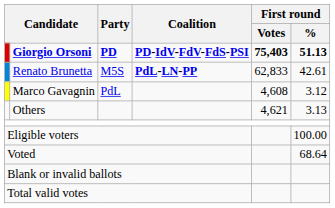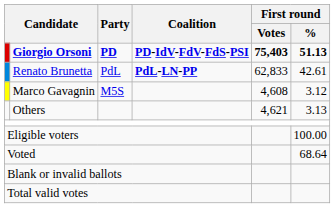 <table class="wikitable centre">
 <tr>
 <th scope="col" rowspan=2 colspan=2>Candidate</th>
 <th scope="col" rowspan=2 colspan=1>Party</th>
 <th scope="col" rowspan=2 colspan=1>Coalition</th>
 <th scope="col" colspan=2>First round</th>
 </tr>
 <tr>
 <th scope="col">Votes</th>
 <th scope="col">%</th>
 </tr>
 <tr>
 <td bgcolor="#dd0000"></td>
 <td><strong><a href='#'>Giorgio Orsoni</a></strong></td>
 <td><strong><a href='#'>PD</a></strong></td>
 <td><strong><a href='#'>PD</a>-<a href='#'>IdV</a>-<a href='#'>FdV</a>-<a href='#'>FdS</a>-<a href='#'>PSI</a></strong></td>
 <td style="text-align: right"><strong>75,403</strong></td>
 <td style="text-align: right"><strong>51.13</strong></td>
 </tr>
 <tr>
 <td bgcolor="#0087DC"></td>
 <td><a href='#'>Renato Brunetta</a></td>
-<td><a href='#'>M5S</a></td>
+<td><a href='#'>PdL</a></td>
 <td><strong><a href='#'>PdL</a>-<a href='#'>LN</a>-<a href='#'>PP</a></strong></td>
 <td style="text-align: right">62,833</td>
 <td style="text-align: right">42.61</td>
 </tr>
 <tr>
 <td bgcolor="yellow"></td>
 <td>Marco Gavagnin</td>
-<td><a href='#'>PdL</a></td>
+<td><a href='#'>M5S</a></td>
 <td></td>
 <td style="text-align: right">4,608</td>
 <td style="text-align: right">3.12</td>
 </tr>
 <tr>
 <td bgcolor=""></td>
 <td>Others</td>
 <td></td>
 <td></td>
 <td style="text-align: right">4,621</td>
 <td style="text-align: right">3.13</td>
 </tr>
 <tr bgcolor=white>
 <td colspan=6></td>
 </tr>
 <tr>
 <td colspan=4>Eligible voters</td>
 <td style="text-align: right"></td>
 <td style="text-align: right">100.00</td>
 </tr>
 <tr>
 <td colspan=4>Voted</td>
 <td style="text-align: right"></td>
 <td style="text-align: right">68.64</td>
 </tr>
 <tr>
 <td colspan=4>Blank or invalid ballots</td>
 <td style="text-align: right"></td>
 <td style="text-align: right"></td>
 </tr>
 <tr>
 <td colspan=4>Total valid votes</td>
 <td style="text-align: right"></td>
 <td style="text-align: right"></td>
 </tr>
 </table>
